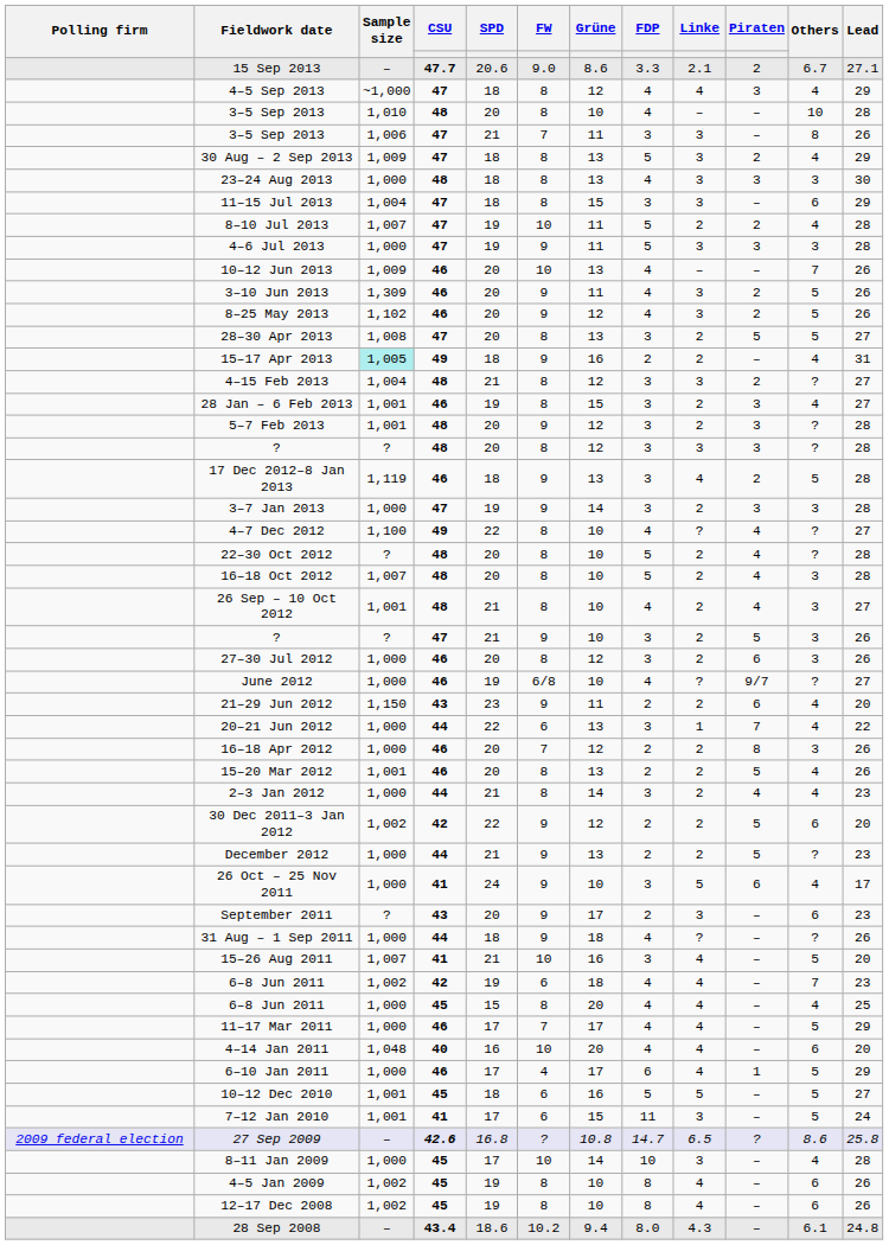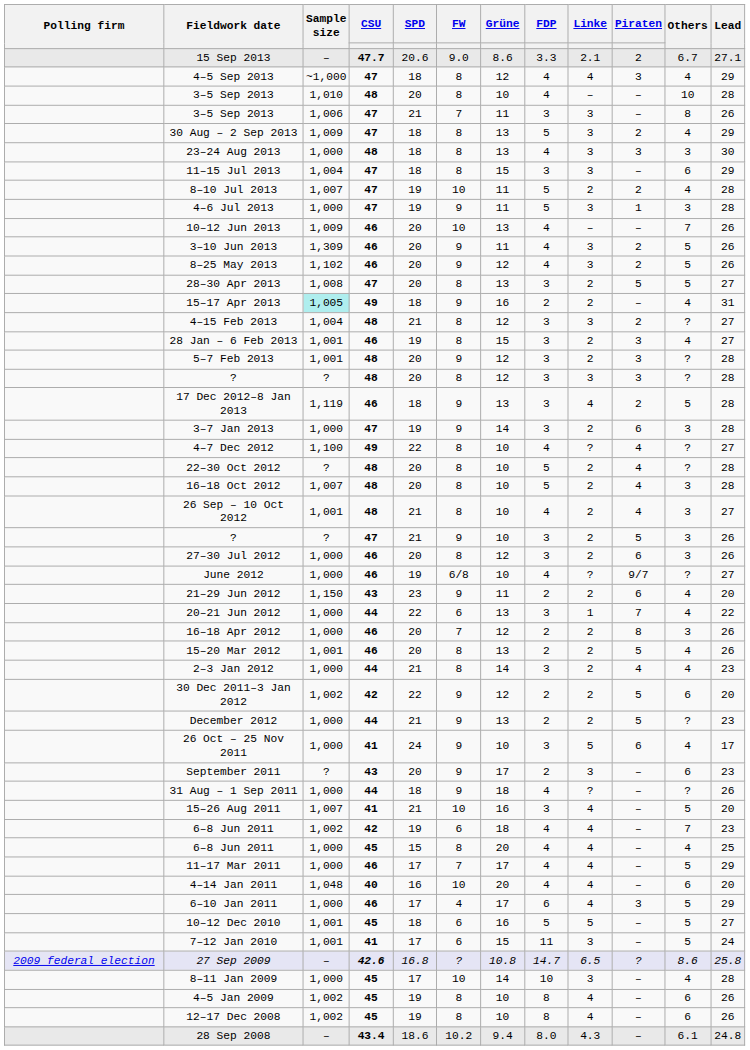 <table class="wikitable sortable" style="text-align:center;font-size:90%;line-height:14px;">
 <tr style="height:40px;">
 <th style="width:160px;" rowspan="2">Polling firm</th>
 <th style="width:140px;" rowspan="2">Fieldwork date</th>
 <th style="width:35px;" rowspan="2">Sample<br>size</th>
 <th class="unsortable" style="width:40px;"><a href='#'>CSU</a></th>
 <th class="unsortable" style="width:40px;"><a href='#'>SPD</a></th>
 <th class="unsortable" style="width:40px;"><a href='#'>FW</a></th>
 <th class="unsortable" style="width:40px;"><a href='#'>Grüne</a></th>
 <th class="unsortable" style="width:40px;"><a href='#'>FDP</a></th>
 <th class="unsortable" style="width:40px;"><a href='#'>Linke</a></th>
 <th class="unsortable" style="width:40px;"><a href='#'>Piraten</a></th>
 <th class="unsortable" style="width:40px;" rowspan="2">Others</th>
 <th style="width:30px;" rowspan="2">Lead</th>
 </tr>
 <tr>
 <th style="background:"></th>
 <th style="background:"></th>
 <th style="background:"></th>
 <th style="background:"></th>
 <th style="background:"></th>
 <th style="background:"></th>
 <th style="background:"></th>
 </tr>
 <tr style="background:#E9E9E9;">
 <td></td>
 <td data-sort-value="2013-09-15">15 Sep 2013</td>
 <td>–</td>
 <td><strong>47.7</strong></td>
 <td>20.6</td>
 <td>9.0</td>
 <td>8.6</td>
 <td>3.3</td>
 <td>2.1</td>
 <td>2</td>
 <td>6.7</td>
 <td style="background:">27.1</td>
 </tr>
 <tr>
 <td></td>
 <td data-sort-value="2013-09-12">4–5 Sep 2013</td>
 <td>~1,000</td>
 <td><strong>47</strong></td>
 <td>18</td>
 <td>8</td>
 <td>12</td>
 <td>4</td>
 <td>4</td>
 <td>3</td>
 <td>4</td>
 <td style="background:">29</td>
 </tr>
 <tr>
 <td></td>
 <td data-sort-value="2013-09-06">3–5 Sep 2013</td>
 <td>1,010</td>
 <td><strong>48</strong></td>
 <td>20</td>
 <td>8</td>
 <td>10</td>
 <td>4</td>
 <td>–</td>
 <td>–</td>
 <td>10</td>
 <td style="background:">28</td>
 </tr>
 <tr>
 <td></td>
 <td data-sort-value="2013-09-05">3–5 Sep 2013</td>
 <td>1,006</td>
 <td><strong>47</strong></td>
 <td>21</td>
 <td>7</td>
 <td>11</td>
 <td>3</td>
 <td>3</td>
 <td>–</td>
 <td>8</td>
 <td style="background:">26</td>
 </tr>
 <tr>
 <td></td>
 <td data-sort-value="2013-09-03">30 Aug – 2 Sep 2013</td>
 <td>1,009</td>
 <td><strong>47</strong></td>
 <td>18</td>
 <td>8</td>
 <td>13</td>
 <td>5</td>
 <td>3</td>
 <td>2</td>
 <td>4</td>
 <td style="background:">29</td>
 </tr>
 <tr>
 <td></td>
 <td data-sort-value="2013-08-28">23–24 Aug 2013</td>
 <td>1,000</td>
 <td><strong>48</strong></td>
 <td>18</td>
 <td>8</td>
 <td>13</td>
 <td>4</td>
 <td>3</td>
 <td>3</td>
 <td>3</td>
 <td style="background:">30</td>
 </tr>
 <tr>
 <td></td>
 <td data-sort-value="2013-07-17">11–15 Jul 2013</td>
 <td>1,004</td>
 <td><strong>47</strong></td>
 <td>18</td>
 <td>8</td>
 <td>15</td>
 <td>3</td>
 <td>3</td>
 <td>–</td>
 <td>6</td>
 <td style="background:">29</td>
 </tr>
 <tr>
 <td></td>
 <td data-sort-value="2013-07-11">8–10 Jul 2013</td>
 <td>1,007</td>
 <td><strong>47</strong></td>
 <td>19</td>
 <td>10</td>
 <td>11</td>
 <td>5</td>
 <td>2</td>
 <td>2</td>
 <td>4</td>
 <td style="background:">28</td>
 </tr>
 <tr>
 <td></td>
 <td data-sort-value="2013-07-10">4–6 Jul 2013</td>
 <td>1,000</td>
 <td><strong>47</strong></td>
 <td>19</td>
 <td>9</td>
 <td>11</td>
 <td>5</td>
 <td>3</td>
-<td>3</td>
+<td>1</td>
 <td>3</td>
 <td style="background:">28</td>
 </tr>
 <tr>
 <td></td>
 <td data-sort-value="2013-06-14">10–12 Jun 2013</td>
 <td>1,009</td>
 <td><strong>46</strong></td>
 <td>20</td>
 <td>10</td>
 <td>13</td>
 <td>4</td>
 <td>–</td>
 <td>–</td>
 <td>7</td>
 <td style="background:">26</td>
 </tr>
 <tr>
 <td></td>
 <td data-sort-value="2013-06-11">3–10 Jun 2013</td>
 <td>1,309</td>
 <td><strong>46</strong></td>
 <td>20</td>
 <td>9</td>
 <td>11</td>
 <td>4</td>
 <td>3</td>
 <td>2</td>
 <td>5</td>
 <td style="background:">26</td>
 </tr>
 <tr>
 <td></td>
 <td data-sort-value="2013-05-28">8–25 May 2013</td>
 <td>1,102</td>
 <td><strong>46</strong></td>
 <td>20</td>
 <td>9</td>
 <td>12</td>
 <td>4</td>
 <td>3</td>
 <td>2</td>
 <td>5</td>
 <td style="background:">26</td>
 </tr>
 <tr>
 <td></td>
 <td data-sort-value="2013-05-02">28–30 Apr 2013</td>
 <td>1,008</td>
 <td><strong>47</strong></td>
 <td>20</td>
 <td>8</td>
 <td>13</td>
 <td>3</td>
 <td>2</td>
 <td>5</td>
 <td>5</td>
 <td style="background:">27</td>
 </tr>
 <tr>
 <td></td>
 <td data-sort-value="2013-04-22">15–17 Apr 2013</td>
 <td style="background: paleturquoise;">1,005</td>
 <td><strong>49</strong></td>
 <td>18</td>
 <td>9</td>
 <td>16</td>
 <td>2</td>
 <td>2</td>
 <td>–</td>
 <td>4</td>
 <td style="background:">31</td>
 </tr>
 <tr>
 <td></td>
 <td data-sort-value="2013-03-06">4–15 Feb 2013</td>
 <td>1,004</td>
 <td><strong>48</strong></td>
 <td>21</td>
 <td>8</td>
 <td>12</td>
 <td>3</td>
 <td>3</td>
 <td>2</td>
 <td>?</td>
 <td style="background:">27</td>
 </tr>
 <tr>
 <td></td>
 <td data-sort-value="2013-02-12">28 Jan – 6 Feb 2013</td>
 <td>1,001</td>
 <td><strong>46</strong></td>
 <td>19</td>
 <td>8</td>
 <td>15</td>
 <td>3</td>
 <td>2</td>
 <td>3</td>
 <td>4</td>
 <td style="background:">27</td>
 </tr>
 <tr>
 <td></td>
 <td data-sort-value="2013-02-10">5–7 Feb 2013</td>
 <td>1,001</td>
 <td><strong>48</strong></td>
 <td>20</td>
 <td>9</td>
 <td>12</td>
 <td>3</td>
 <td>2</td>
 <td>3</td>
 <td>?</td>
 <td style="background:">28</td>
 </tr>
 <tr>
 <td></td>
 <td data-sort-value="2013-01-15">?</td>
 <td>?</td>
 <td><strong>48</strong></td>
 <td>20</td>
 <td>8</td>
 <td>12</td>
 <td>3</td>
 <td>3</td>
 <td>3</td>
 <td>?</td>
 <td style="background:">28</td>
 </tr>
 <tr>
 <td></td>
 <td data-sort-value="2013-01-10">17 Dec 2012–8 Jan 2013</td>
 <td>1,119</td>
 <td><strong>46</strong></td>
 <td>18</td>
 <td>9</td>
 <td>13</td>
 <td>3</td>
 <td>4</td>
 <td>2</td>
 <td>5</td>
 <td style="background:">28</td>
 </tr>
 <tr>
 <td></td>
 <td data-sort-value="2013-01-09">3–7 Jan 2013</td>
 <td>1,000</td>
 <td><strong>47</strong></td>
 <td>19</td>
 <td>9</td>
 <td>14</td>
 <td>3</td>
 <td>2</td>
-<td>3</td>
+<td>6</td>
 <td>3</td>
 <td style="background:">28</td>
 </tr>
 <tr>
 <td></td>
 <td data-sort-value="2012-12-15">4–7 Dec 2012</td>
 <td>1,100</td>
 <td><strong>49</strong></td>
 <td>22</td>
 <td>8</td>
 <td>10</td>
 <td>4</td>
 <td>?</td>
 <td>4</td>
 <td>?</td>
 <td style="background:">27</td>
 </tr>
 <tr>
 <td></td>
 <td data-sort-value="2012-11-20">22–30 Oct 2012</td>
 <td>?</td>
 <td><strong>48</strong></td>
 <td>20</td>
 <td>8</td>
 <td>10</td>
 <td>5</td>
 <td>2</td>
 <td>4</td>
 <td>?</td>
 <td style="background:">28</td>
 </tr>
 <tr>
 <td></td>
 <td data-sort-value="2012-10-19">16–18 Oct 2012</td>
 <td>1,007</td>
 <td><strong>48</strong></td>
 <td>20</td>
 <td>8</td>
 <td>10</td>
 <td>5</td>
 <td>2</td>
 <td>4</td>
 <td>3</td>
 <td style="background:">28</td>
 </tr>
 <tr>
 <td></td>
 <td data-sort-value="2012-10-14">26 Sep – 10 Oct 2012</td>
 <td>1,001</td>
 <td><strong>48</strong></td>
 <td>21</td>
 <td>8</td>
 <td>10</td>
 <td>4</td>
 <td>2</td>
 <td>4</td>
 <td>3</td>
 <td style="background:">27</td>
 </tr>
 <tr>
 <td></td>
 <td data-sort-value="2012-09-18">?</td>
 <td>?</td>
 <td><strong>47</strong></td>
 <td>21</td>
 <td>9</td>
 <td>10</td>
 <td>3</td>
 <td>2</td>
 <td>5</td>
 <td>3</td>
 <td style="background:">26</td>
 </tr>
 <tr>
 <td></td>
 <td data-sort-value="2012-08-13">27–30 Jul 2012</td>
 <td>1,000</td>
 <td><strong>46</strong></td>
 <td>20</td>
 <td>8</td>
 <td>12</td>
 <td>3</td>
 <td>2</td>
 <td>6</td>
 <td>3</td>
 <td style="background:">26</td>
 </tr>
 <tr>
 <td></td>
 <td data-sort-value="2012-07-17">June 2012</td>
 <td>1,000</td>
 <td><strong>46</strong></td>
 <td>19</td>
 <td>6/8</td>
 <td>10</td>
 <td>4</td>
 <td>?</td>
 <td>9/7</td>
 <td>?</td>
 <td style="background:">27</td>
 </tr>
 <tr>
 <td></td>
 <td data-sort-value="2012-07-04">21–29 Jun 2012</td>
 <td>1,150</td>
 <td><strong>43</strong></td>
 <td>23</td>
 <td>9</td>
 <td>11</td>
 <td>2</td>
 <td>2</td>
 <td>6</td>
 <td>4</td>
 <td style="background:">20</td>
 </tr>
 <tr>
 <td></td>
 <td data-sort-value="2012-06-24">20–21 Jun 2012</td>
 <td>1,000</td>
 <td><strong>44</strong></td>
 <td>22</td>
 <td>6</td>
 <td>13</td>
 <td>3</td>
 <td>1</td>
 <td>7</td>
 <td>4</td>
 <td style="background:">22</td>
 </tr>
 <tr>
 <td></td>
 <td data-sort-value="2012-04-20">16–18 Apr 2012</td>
 <td>1,000</td>
 <td><strong>46</strong></td>
 <td>20</td>
 <td>7</td>
 <td>12</td>
 <td>2</td>
 <td>2</td>
 <td>8</td>
 <td>3</td>
 <td style="background:">26</td>
 </tr>
 <tr>
 <td></td>
 <td data-sort-value="2012-03-24">15–20 Mar 2012</td>
 <td>1,001</td>
 <td><strong>46</strong></td>
 <td>20</td>
 <td>8</td>
 <td>13</td>
 <td>2</td>
 <td>2</td>
 <td>5</td>
 <td>4</td>
 <td style="background:">26</td>
 </tr>
 <tr>
 <td></td>
 <td data-sort-value="2012-01-04">2–3 Jan 2012</td>
 <td>1,000</td>
 <td><strong>44</strong></td>
 <td>21</td>
 <td>8</td>
 <td>14</td>
 <td>3</td>
 <td>2</td>
 <td>4</td>
 <td>4</td>
 <td style="background:">23</td>
 </tr>
 <tr>
 <td></td>
 <td data-sort-value="2012-01-04">30 Dec 2011–3 Jan 2012</td>
 <td>1,002</td>
 <td><strong>42</strong></td>
 <td>22</td>
 <td>9</td>
 <td>12</td>
 <td>2</td>
 <td>2</td>
 <td>5</td>
 <td>6</td>
 <td style="background:">20</td>
 </tr>
 <tr>
 <td></td>
 <td data-sort-value="2011-12-21">December 2012</td>
 <td>1,000</td>
 <td><strong>44</strong></td>
 <td>21</td>
 <td>9</td>
 <td>13</td>
 <td>2</td>
 <td>2</td>
 <td>5</td>
 <td>?</td>
 <td style="background:">23</td>
 </tr>
 <tr>
 <td></td>
 <td data-sort-value="2011-12-11">26 Oct – 25 Nov 2011</td>
 <td>1,000</td>
 <td><strong>41</strong></td>
 <td>24</td>
 <td>9</td>
 <td>10</td>
 <td>3</td>
 <td>5</td>
 <td>6</td>
 <td>4</td>
 <td style="background:">17</td>
 </tr>
 <tr>
 <td></td>
 <td data-sort-value="2011-09-25">September 2011</td>
 <td>?</td>
 <td><strong>43</strong></td>
 <td>20</td>
 <td>9</td>
 <td>17</td>
 <td>2</td>
 <td>3</td>
 <td>–</td>
 <td>6</td>
 <td style="background:">23</td>
 </tr>
 <tr>
 <td></td>
 <td data-sort-value="2011-09-06">31 Aug – 1 Sep 2011</td>
 <td>1,000</td>
 <td><strong>44</strong></td>
 <td>18</td>
 <td>9</td>
 <td>18</td>
 <td>4</td>
 <td>?</td>
 <td>–</td>
 <td>?</td>
 <td style="background:">26</td>
 </tr>
 <tr>
 <td></td>
 <td data-sort-value="2011-08-31">15–26 Aug 2011</td>
 <td>1,007</td>
 <td><strong>41</strong></td>
 <td>21</td>
 <td>10</td>
 <td>16</td>
 <td>3</td>
 <td>4</td>
 <td>–</td>
 <td>5</td>
 <td style="background:">20</td>
 </tr>
 <tr>
 <td></td>
 <td data-sort-value="2011-06-10">6–8 Jun 2011</td>
 <td>1,002</td>
 <td><strong>42</strong></td>
 <td>19</td>
 <td>6</td>
 <td>18</td>
 <td>4</td>
 <td>4</td>
 <td>–</td>
 <td>7</td>
 <td style="background:">23</td>
 </tr>
 <tr>
 <td></td>
 <td data-sort-value="2011-06-10">6–8 Jun 2011</td>
 <td>1,000</td>
 <td><strong>45</strong></td>
 <td>15</td>
 <td>8</td>
 <td>20</td>
 <td>4</td>
 <td>4</td>
 <td>–</td>
 <td>4</td>
 <td style="background:">25</td>
 </tr>
 <tr>
 <td></td>
 <td data-sort-value="2011-03-20">11–17 Mar 2011</td>
 <td>1,000</td>
 <td><strong>46</strong></td>
 <td>17</td>
 <td>7</td>
 <td>17</td>
 <td>4</td>
 <td>4</td>
 <td>–</td>
 <td>5</td>
 <td style="background:">29</td>
 </tr>
 <tr>
 <td></td>
 <td data-sort-value="2011-01-19">4–14 Jan 2011</td>
 <td>1,048</td>
 <td><strong>40</strong></td>
 <td>16</td>
 <td>10</td>
 <td>20</td>
 <td>4</td>
 <td>4</td>
 <td>–</td>
 <td>6</td>
 <td style="background:">20</td>
 </tr>
 <tr>
 <td></td>
 <td data-sort-value="2011-01-12">6–10 Jan 2011</td>
 <td>1,000</td>
 <td><strong>46</strong></td>
 <td>17</td>
 <td>4</td>
 <td>17</td>
 <td>6</td>
 <td>4</td>
-<td>1</td>
+<td>3</td>
 <td>5</td>
 <td style="background:">29</td>
 </tr>
 <tr>
 <td></td>
 <td data-sort-value="2011-01-04">10–12 Dec 2010</td>
 <td>1,001</td>
 <td><strong>45</strong></td>
 <td>18</td>
 <td>6</td>
 <td>16</td>
 <td>5</td>
 <td>5</td>
 <td>–</td>
 <td>5</td>
 <td style="background:">27</td>
 </tr>
 <tr>
 <td></td>
 <td data-sort-value="2010-01-13">7–12 Jan 2010</td>
 <td>1,001</td>
 <td><strong>41</strong></td>
 <td>17</td>
 <td>6</td>
 <td>15</td>
 <td>11</td>
 <td>3</td>
 <td>–</td>
 <td>5</td>
 <td style="background:">24</td>
 </tr>
 <tr style="background:#E5E5F5;font-style:italic;">
 <td><a href='#'>2009 federal election</a></td>
 <td data-sort-value="2009-09-27">27 Sep 2009</td>
 <td>–</td>
 <td><strong>42.6</strong></td>
 <td>16.8</td>
 <td>?</td>
 <td>10.8</td>
 <td>14.7</td>
 <td>6.5</td>
 <td>?</td>
 <td>8.6</td>
 <td style="background:">25.8</td>
 </tr>
 <tr>
 <td></td>
 <td data-sort-value="2009-01-14">8–11 Jan 2009</td>
 <td>1,000</td>
 <td><strong>45</strong></td>
 <td>17</td>
 <td>10</td>
 <td>14</td>
 <td>10</td>
 <td>3</td>
 <td>–</td>
 <td>4</td>
 <td style="background:">28</td>
 </tr>
 <tr>
 <td></td>
 <td data-sort-value="2009-01-07">4–5 Jan 2009</td>
 <td>1,002</td>
 <td><strong>45</strong></td>
 <td>19</td>
 <td>8</td>
 <td>10</td>
 <td>8</td>
 <td>4</td>
 <td>–</td>
 <td>6</td>
 <td style="background:">26</td>
 </tr>
 <tr>
 <td></td>
 <td data-sort-value="2008-12-17">12–17 Dec 2008</td>
 <td>1,002</td>
 <td><strong>45</strong></td>
 <td>19</td>
 <td>8</td>
 <td>10</td>
 <td>8</td>
 <td>4</td>
 <td>–</td>
 <td>6</td>
 <td style="background:">26</td>
 </tr>
 <tr style="background:#E9E9E9;">
 <td></td>
 <td data-sort-value="2008-09-28">28 Sep 2008</td>
 <td>–</td>
 <td><strong>43.4</strong></td>
 <td>18.6</td>
 <td>10.2</td>
 <td>9.4</td>
 <td>8.0</td>
 <td>4.3</td>
 <td>–</td>
 <td>6.1</td>
 <td style="background:">24.8</td>
 </tr>
 </table>
